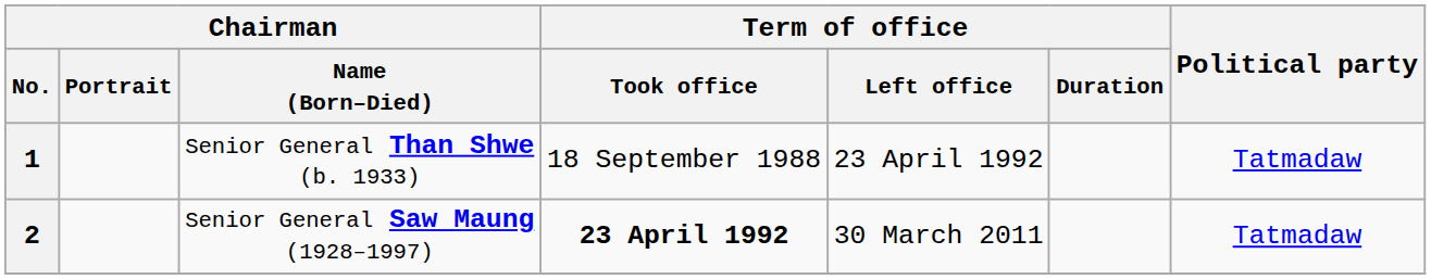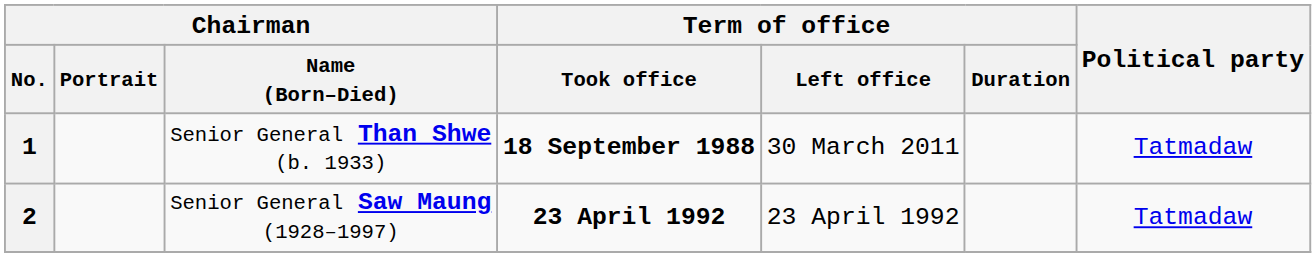 <table class="wikitable" style="text-align:center;">
 <tr>
 <th colspan=3>Chairman</th>
 <th colspan=3>Term of office</th>
 <th rowspan=2>Political party</th>
 </tr>
 <tr>
 <th><small>No.</small></th>
 <th><small>Portrait</small></th>
 <th><small>Name<br>(Born–Died)</small></th>
 <th><small>Took office</small></th>
 <th><small>Left office</small></th>
 <th><small>Duration</small></th>
 </tr>
 <tr>
 <th style="background:">1</th>
 <td></td>
 <td><small>Senior General</small> <strong><a href='#'>Than Shwe</a></strong><br><small>(b. 1933)</small></td>
-<td>18 September 1988</td>
-<td>23 April 1992<br></td>
+<td><strong>18 September 1988</strong></td>
+<td>30 March 2011</td>
 <td></td>
 <td><a href='#'>Tatmadaw</a></td>
 </tr>
 <tr>
 <th style="background:">2</th>
 <td></td>
 <td><small>Senior General</small> <strong><a href='#'>Saw Maung</a></strong><br><small>(1928–1997)</small></td>
 <td><strong>23 April 1992</strong></td>
-<td>30 March 2011</td>
+<td>23 April 1992<br></td>
 <td></td>
 <td><a href='#'>Tatmadaw</a></td>
 </tr>
 <tr>
 </tr>
 </table>
